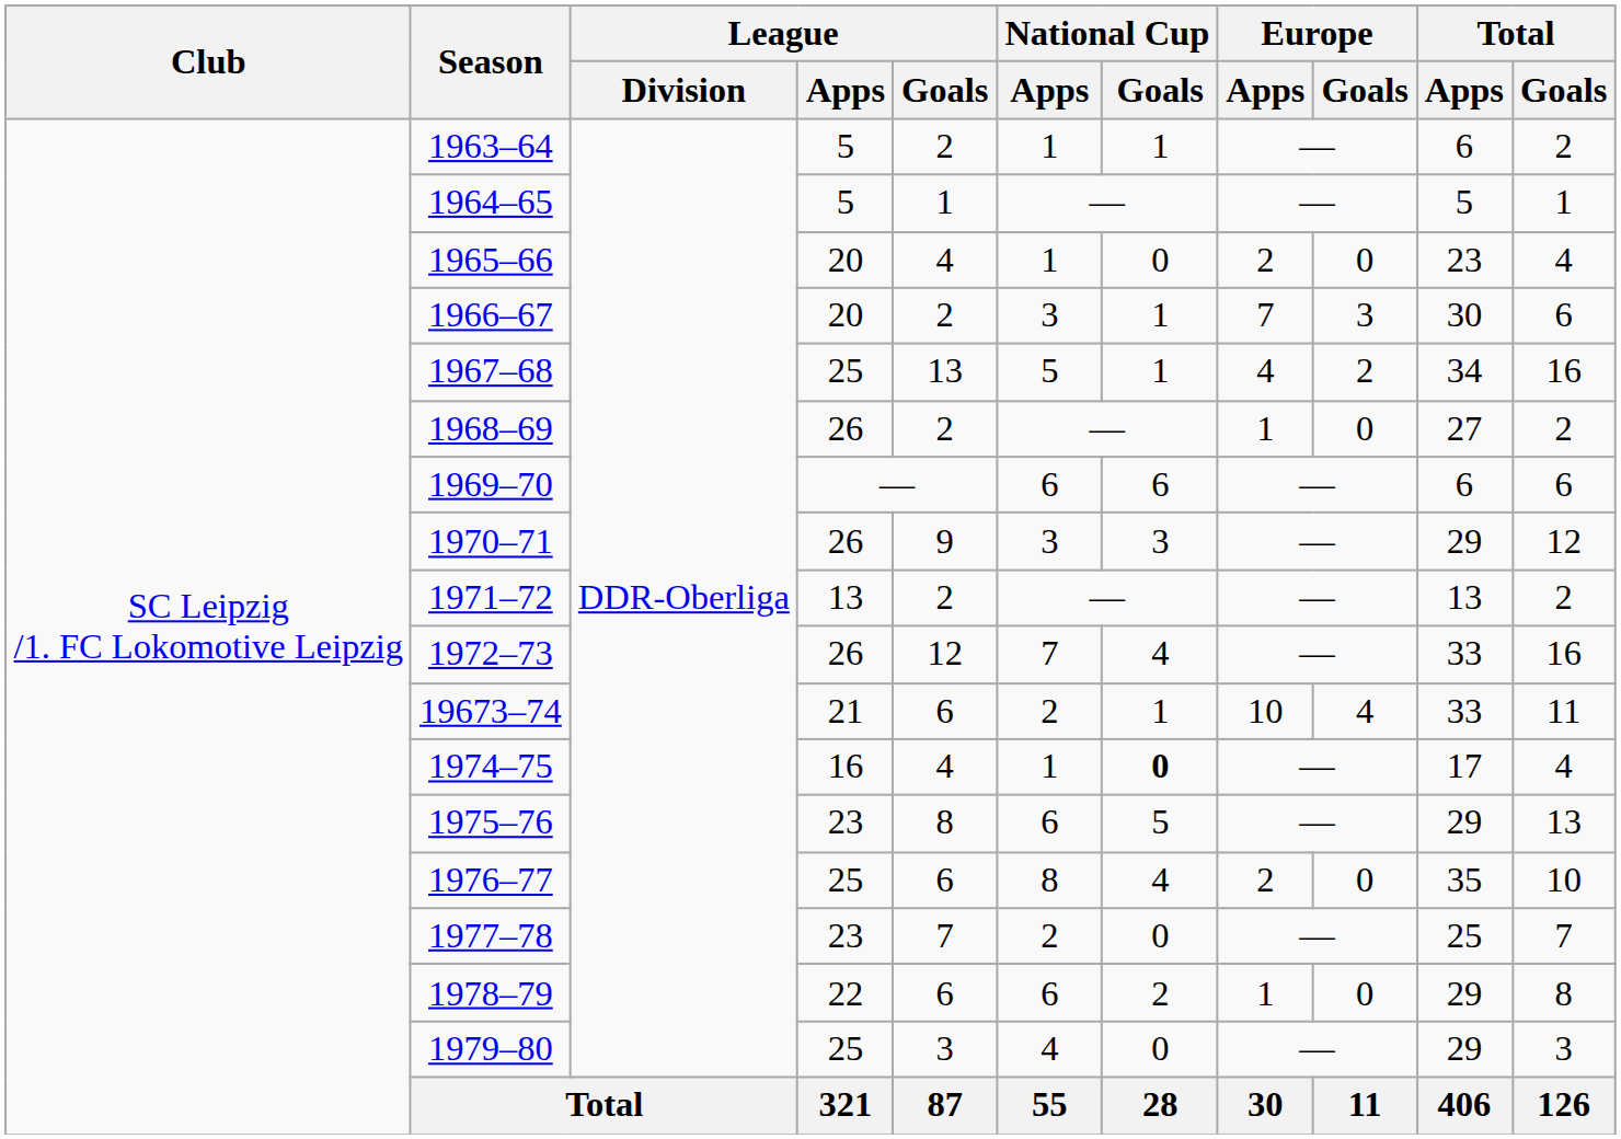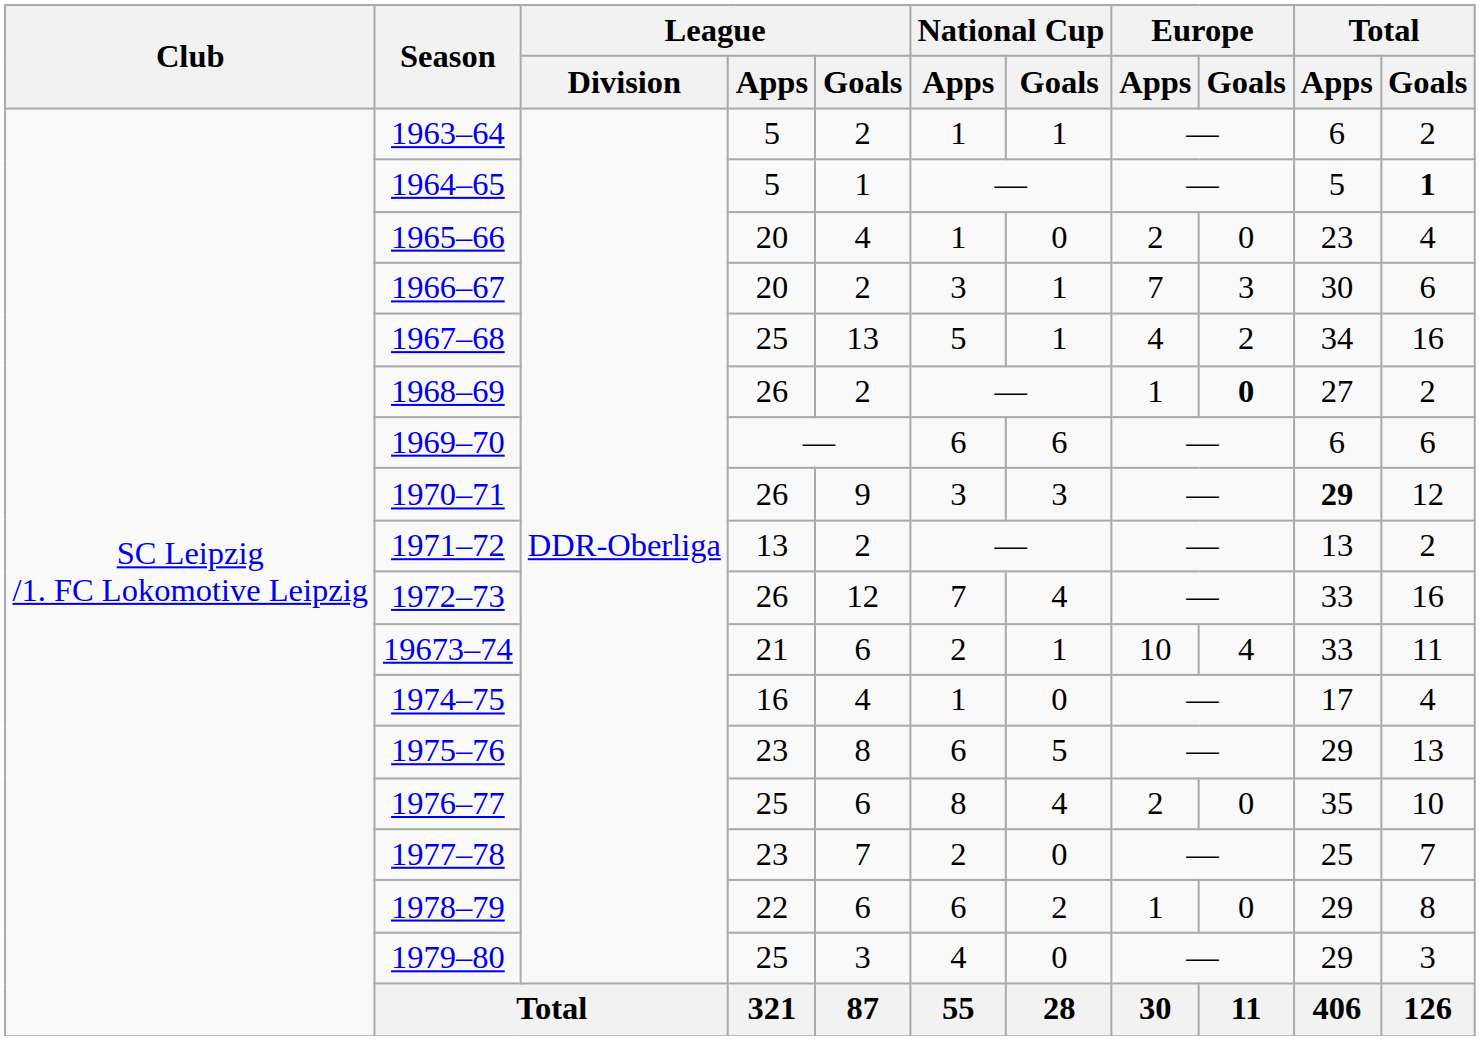 <table class=wikitable style=text-align:center>
 <tr>
 <th rowspan=2>Club</th>
 <th rowspan=2>Season</th>
 <th colspan=3>League</th>
 <th colspan=2>National Cup</th>
 <th colspan=2>Europe</th>
 <th colspan=2>Total</th>
 </tr>
 <tr>
 <th>Division</th>
 <th>Apps</th>
 <th>Goals</th>
 <th>Apps</th>
 <th>Goals</th>
 <th>Apps</th>
 <th>Goals</th>
 <th>Apps</th>
 <th>Goals</th>
 </tr>
 <tr>
 <td rowspan=18><a href='#'>SC Leipzig<br>/1. FC Lokomotive Leipzig</a></td>
 <td><a href='#'>1963–64</a></td>
 <td rowspan=17><a href='#'>DDR-Oberliga</a></td>
 <td>5</td>
 <td>2</td>
 <td>1</td>
 <td>1</td>
 <td colspan=2>—</td>
 <td>6</td>
 <td>2</td>
 </tr>
 <tr>
 <td><a href='#'>1964–65</a></td>
 <td>5</td>
 <td>1</td>
 <td colspan=2>—</td>
 <td colspan=2>—</td>
 <td>5</td>
-<td>1</td>
+<td><strong>1</strong></td>
 </tr>
 <tr>
 <td><a href='#'>1965–66</a></td>
 <td>20</td>
 <td>4</td>
 <td>1</td>
 <td>0</td>
 <td>2</td>
 <td>0</td>
 <td>23</td>
 <td>4</td>
 </tr>
 <tr>
 <td><a href='#'>1966–67</a></td>
 <td>20</td>
 <td>2</td>
 <td>3</td>
 <td>1</td>
 <td>7</td>
 <td>3</td>
 <td>30</td>
 <td>6</td>
 </tr>
 <tr>
 <td><a href='#'>1967–68</a></td>
 <td>25</td>
 <td>13</td>
 <td>5</td>
 <td>1</td>
 <td>4</td>
 <td>2</td>
 <td>34</td>
 <td>16</td>
 </tr>
 <tr>
 <td><a href='#'>1968–69</a></td>
 <td>26</td>
 <td>2</td>
 <td colspan=2>—</td>
 <td>1</td>
-<td>0</td>
+<td><strong>0</strong></td>
 <td>27</td>
 <td>2</td>
 </tr>
 <tr>
 <td><a href='#'>1969–70</a></td>
 <td colspan=2>—</td>
 <td>6</td>
 <td>6</td>
 <td colspan=2>—</td>
 <td>6</td>
 <td>6</td>
 </tr>
 <tr>
 <td><a href='#'>1970–71</a></td>
 <td>26</td>
 <td>9</td>
 <td>3</td>
 <td>3</td>
 <td colspan=2>—</td>
-<td>29</td>
+<td><strong>29</strong></td>
 <td>12</td>
 </tr>
 <tr>
 <td><a href='#'>1971–72</a></td>
 <td>13</td>
 <td>2</td>
 <td colspan=2>—</td>
 <td colspan=2>—</td>
 <td>13</td>
 <td>2</td>
 </tr>
 <tr>
 <td><a href='#'>1972–73</a></td>
 <td>26</td>
 <td>12</td>
 <td>7</td>
 <td>4</td>
 <td colspan=2>—</td>
 <td>33</td>
 <td>16</td>
 </tr>
 <tr>
 <td><a href='#'>19673–74</a></td>
 <td>21</td>
 <td>6</td>
 <td>2</td>
 <td>1</td>
 <td>10</td>
 <td>4</td>
 <td>33</td>
 <td>11</td>
 </tr>
 <tr>
 <td><a href='#'>1974–75</a></td>
 <td>16</td>
 <td>4</td>
 <td>1</td>
-<td><strong>0</strong></td>
+<td>0</td>
 <td colspan=2>—</td>
 <td>17</td>
 <td>4</td>
 </tr>
 <tr>
 <td><a href='#'>1975–76</a></td>
 <td>23</td>
 <td>8</td>
 <td>6</td>
 <td>5</td>
 <td colspan=2>—</td>
 <td>29</td>
 <td>13</td>
 </tr>
 <tr>
 <td><a href='#'>1976–77</a></td>
 <td>25</td>
 <td>6</td>
 <td>8</td>
 <td>4</td>
 <td>2</td>
 <td>0</td>
 <td>35</td>
 <td>10</td>
 </tr>
 <tr>
 <td><a href='#'>1977–78</a></td>
 <td>23</td>
 <td>7</td>
 <td>2</td>
 <td>0</td>
 <td colspan=2>—</td>
 <td>25</td>
 <td>7</td>
 </tr>
 <tr>
 <td><a href='#'>1978–79</a></td>
 <td>22</td>
 <td>6</td>
 <td>6</td>
 <td>2</td>
 <td>1</td>
 <td>0</td>
 <td>29</td>
 <td>8</td>
 </tr>
 <tr>
 <td><a href='#'>1979–80</a></td>
 <td>25</td>
 <td>3</td>
 <td>4</td>
 <td>0</td>
 <td colspan=2>—</td>
 <td>29</td>
 <td>3</td>
 </tr>
 <tr>
 <th colspan=2>Total</th>
 <th>321</th>
 <th>87</th>
 <th>55</th>
 <th>28</th>
 <th>30</th>
 <th>11</th>
 <th>406</th>
 <th>126</th>
 </tr>
 </table>
